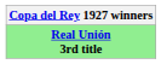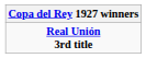 <table class="wikitable" style="text-align: center; margin: 0 auto;">
 <tr>
 <th><a href='#'>Copa del Rey</a> 1927 winners</th>
 </tr>
 <tr>
-<td style="background: lightgreen;"><strong><a href='#'>Real Unión</a></strong><br><strong>3rd title</strong></td>
+<td><strong><a href='#'>Real Unión</a></strong><br><strong>3rd title</strong></td>
 </tr>
 </table>
